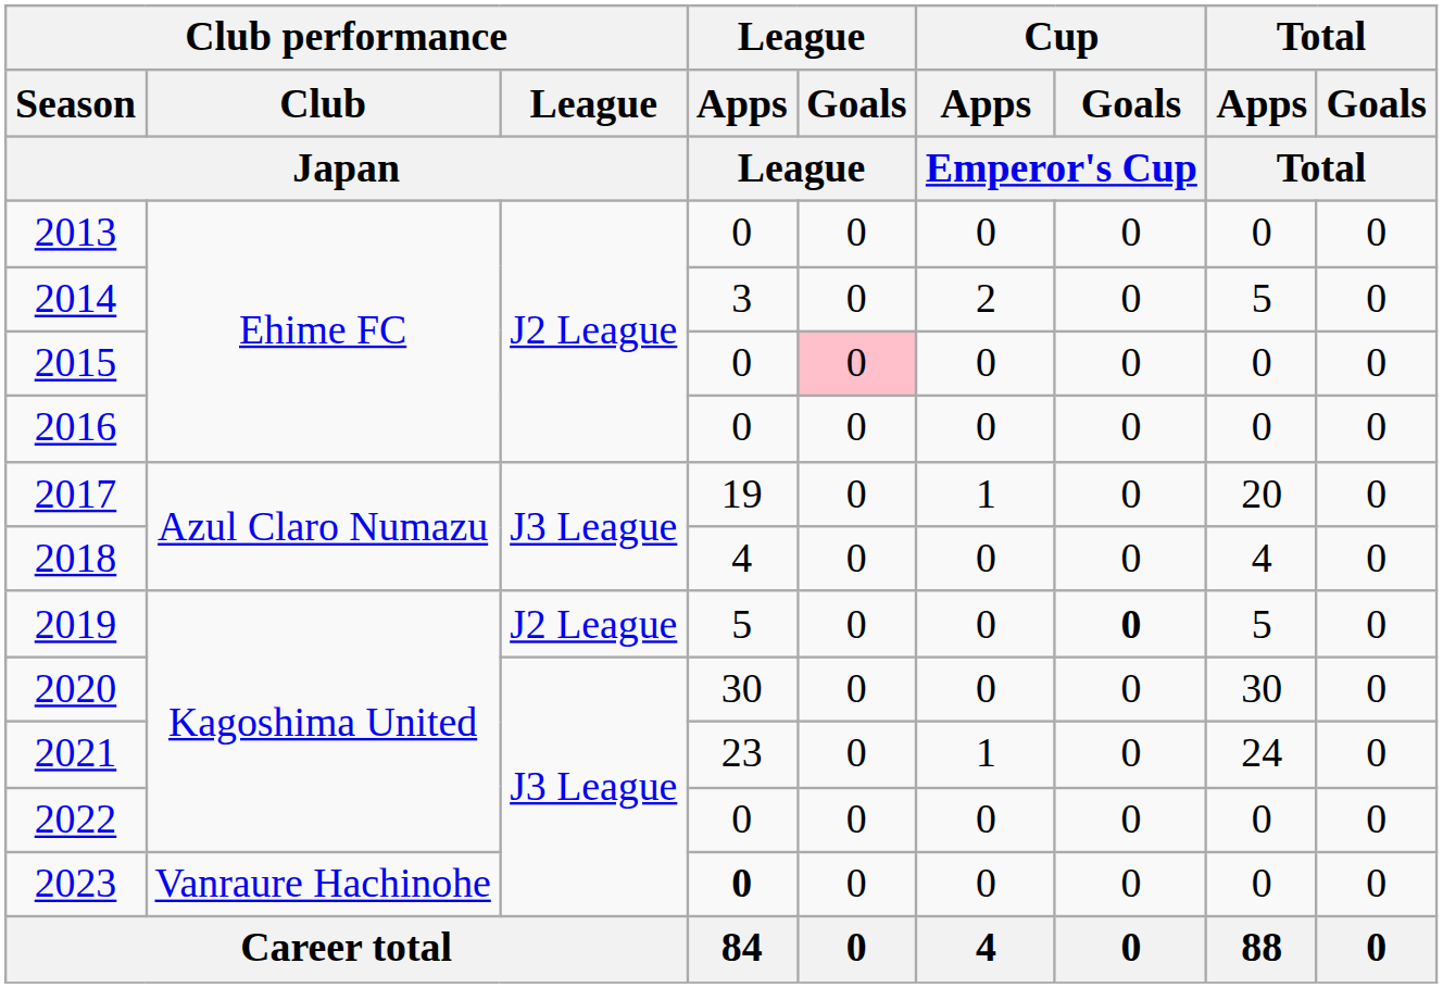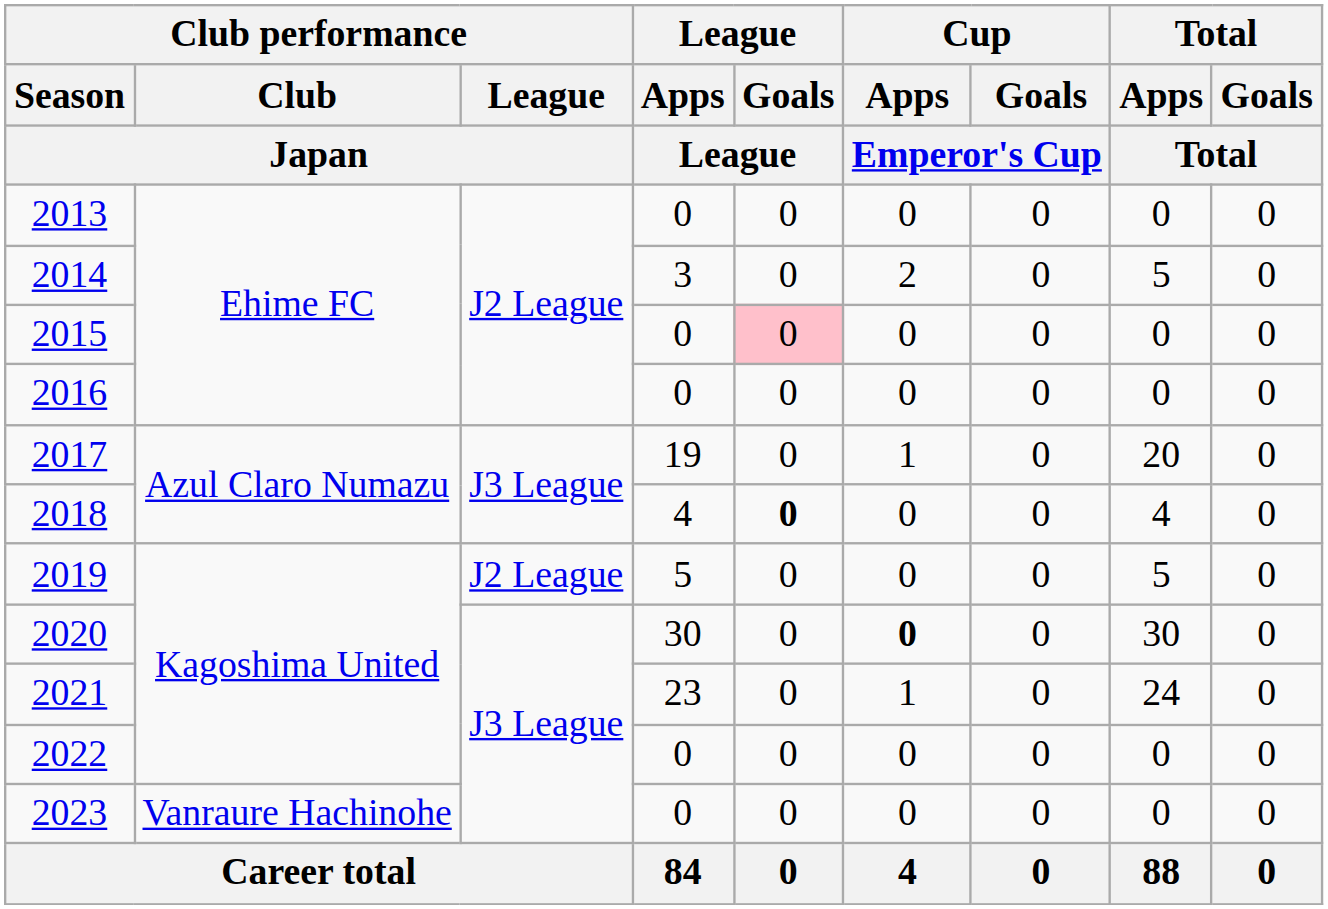 <table class="wikitable" style="text-align:center">
 <tr>
 <th colspan=3>Club performance</th>
 <th colspan=2>League</th>
 <th colspan=2>Cup</th>
 <th colspan=2>Total</th>
 </tr>
 <tr>
 <th>Season</th>
 <th>Club</th>
 <th>League</th>
 <th>Apps</th>
 <th>Goals</th>
 <th>Apps</th>
 <th>Goals</th>
 <th>Apps</th>
 <th>Goals</th>
 </tr>
 <tr>
 <th colspan=3>Japan</th>
 <th colspan=2>League</th>
 <th colspan=2><a href='#'>Emperor's Cup</a></th>
 <th colspan=2>Total</th>
 </tr>
 <tr>
 <td><a href='#'>2013</a></td>
 <td rowspan="4"><a href='#'>Ehime FC</a></td>
 <td rowspan="4"><a href='#'>J2 League</a></td>
 <td>0</td>
 <td>0</td>
 <td>0</td>
 <td>0</td>
 <td>0</td>
 <td>0</td>
 </tr>
 <tr>
 <td><a href='#'>2014</a></td>
 <td>3</td>
 <td>0</td>
 <td>2</td>
 <td>0</td>
 <td>5</td>
 <td>0</td>
 </tr>
 <tr>
 <td><a href='#'>2015</a></td>
 <td>0</td>
 <td style="background: pink;">0</td>
 <td>0</td>
 <td>0</td>
 <td>0</td>
 <td>0</td>
 </tr>
 <tr>
 <td><a href='#'>2016</a></td>
 <td>0</td>
 <td>0</td>
 <td>0</td>
 <td>0</td>
 <td>0</td>
 <td>0</td>
 </tr>
 <tr>
 <td><a href='#'>2017</a></td>
 <td rowspan="2"><a href='#'>Azul Claro Numazu</a></td>
 <td rowspan="2"><a href='#'>J3 League</a></td>
 <td>19</td>
 <td>0</td>
 <td>1</td>
 <td>0</td>
 <td>20</td>
 <td>0</td>
 </tr>
 <tr>
 <td><a href='#'>2018</a></td>
 <td>4</td>
-<td>0</td>
+<td><strong>0</strong></td>
 <td>0</td>
 <td>0</td>
 <td>4</td>
 <td>0</td>
 </tr>
 <tr>
 <td><a href='#'>2019</a></td>
 <td rowspan="4"><a href='#'>Kagoshima United</a></td>
 <td><a href='#'>J2 League</a></td>
 <td>5</td>
 <td>0</td>
 <td>0</td>
-<td><strong>0</strong></td>
+<td>0</td>
 <td>5</td>
 <td>0</td>
 </tr>
 <tr>
 <td><a href='#'>2020</a></td>
 <td rowspan="4"><a href='#'>J3 League</a></td>
 <td>30</td>
 <td>0</td>
-<td>0</td>
+<td><strong>0</strong></td>
 <td>0</td>
 <td>30</td>
 <td>0</td>
 </tr>
 <tr>
 <td><a href='#'>2021</a></td>
 <td>23</td>
 <td>0</td>
 <td>1</td>
 <td>0</td>
 <td>24</td>
 <td>0</td>
 </tr>
 <tr>
 <td><a href='#'>2022</a></td>
 <td>0</td>
 <td>0</td>
 <td>0</td>
 <td>0</td>
 <td>0</td>
 <td>0</td>
 </tr>
 <tr>
 <td><a href='#'>2023</a></td>
 <td><a href='#'>Vanraure Hachinohe</a></td>
-<td><strong>0</strong></td>
+<td>0</td>
 <td>0</td>
 <td>0</td>
 <td>0</td>
 <td>0</td>
 <td>0</td>
 </tr>
 <tr>
 <th colspan=3>Career total</th>
 <th>84</th>
 <th>0</th>
 <th>4</th>
 <th>0</th>
 <th>88</th>
 <th>0</th>
 </tr>
 </table>
